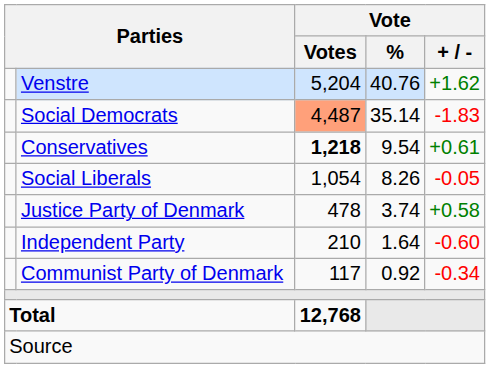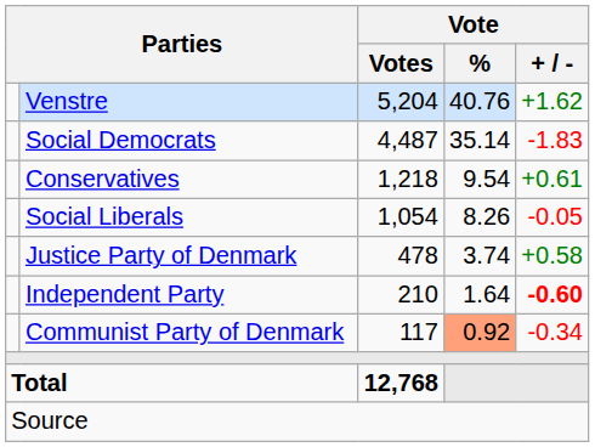 <table class="wikitable" style="text-align:right;">
 <tr>
 <th style="text-align:centre;" rowspan="2" colspan="2" width="225">Parties</th>
 <th colspan="3">Vote</th>
 </tr>
 <tr>
 <th width="15">Votes</th>
 <th width="15">%</th>
 <th width="15">+ / -</th>
 </tr>
 <tr>
 <td width="2" style="color:inherit;background:"></td>
 <td bgcolor=#cfe5fe  align="left"><a href='#'>Venstre</a></td>
 <td bgcolor=#cfe5fe>5,204</td>
 <td bgcolor=#cfe5fe>40.76</td>
 <td style=color:green;>+1.62</td>
 </tr>
 <tr>
 <td width="2" style="color:inherit;background:"></td>
 <td align="left"><a href='#'>Social Democrats</a></td>
-<td style="background: lightsalmon;">4,487</td>
+<td>4,487</td>
 <td>35.14</td>
 <td style=color:red;>-1.83</td>
 </tr>
 <tr>
 <td width="2" style="color:inherit;background:"></td>
 <td align="left"><a href='#'>Conservatives</a></td>
-<td><strong>1,218</strong></td>
+<td>1,218</td>
 <td>9.54</td>
 <td style=color:green;>+0.61</td>
 </tr>
 <tr>
 <td width="2" style="color:inherit;background:"></td>
 <td align="left"><a href='#'>Social Liberals</a></td>
 <td>1,054</td>
 <td>8.26</td>
 <td style=color:red;>-0.05</td>
 </tr>
 <tr>
 <td width="2" style="color:inherit;background:"></td>
 <td align="left"><a href='#'>Justice Party of Denmark</a></td>
 <td>478</td>
 <td>3.74</td>
 <td style=color:green;>+0.58</td>
 </tr>
 <tr>
 <td width="2" style="color:inherit;background:"></td>
 <td align="left"><a href='#'>Independent Party</a></td>
 <td>210</td>
 <td>1.64</td>
-<td style=color:red;>-0.60</td>
+<td style=color:red;><strong>-0.60</strong></td>
 </tr>
 <tr>
 <td width="2" style="color:inherit;background:"></td>
 <td align="left"><a href='#'>Communist Party of Denmark</a></td>
 <td>117</td>
-<td>0.92</td>
+<td style="background: lightsalmon;">0.92</td>
 <td style=color:red;>-0.34</td>
 </tr>
 <tr>
 <td colspan="7" bgcolor="#E9E9E9"></td>
 </tr>
 <tr>
 <td align="left" colspan="2"><strong>Total</strong></td>
 <td><strong>12,768</strong></td>
 <td bgcolor="#E9E9E9" colspan="2"></td>
 </tr>
 <tr>
 <td align="left" colspan="6">Source</td>
 </tr>
 </table>
